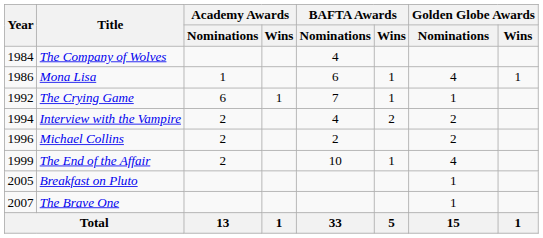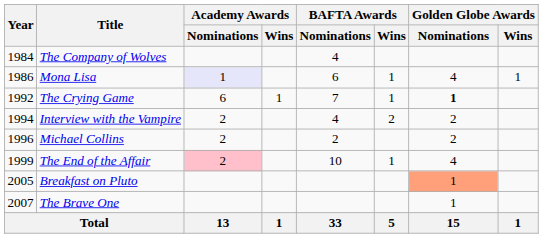 <table class="wikitable">
 <tr>
 <th rowspan="2">Year</th>
 <th rowspan="2">Title</th>
 <th colspan="2" style="text-align:center;">Academy Awards</th>
 <th colspan="2" style="text-align:center;">BAFTA Awards</th>
 <th colspan="2" style="text-align:center;">Golden Globe Awards</th>
 </tr>
 <tr>
 <th>Nominations</th>
 <th>Wins</th>
 <th>Nominations</th>
 <th>Wins</th>
 <th>Nominations</th>
 <th>Wins</th>
 </tr>
 <tr>
 <td>1984</td>
 <td><em><a href='#'>The Company of Wolves</a></em></td>
 <td></td>
 <td></td>
 <td align=center>4</td>
 <td></td>
 <td></td>
 <td></td>
 </tr>
 <tr>
 <td>1986</td>
 <td><em><a href='#'>Mona Lisa</a></em></td>
-<td align=center>1</td>
+<td align=center style="background: lavender;">1</td>
 <td></td>
 <td align=center>6</td>
 <td align=center>1</td>
 <td align=center>4</td>
 <td align=center>1</td>
 </tr>
 <tr>
 <td>1992</td>
 <td><em><a href='#'>The Crying Game</a></em></td>
 <td align=center>6</td>
 <td align=center>1</td>
 <td align=center>7</td>
 <td align=center>1</td>
-<td align=center>1</td>
+<td align=center><strong>1</strong></td>
 <td></td>
 </tr>
 <tr>
 <td>1994</td>
 <td><em><a href='#'>Interview with the Vampire</a></em></td>
 <td align=center>2</td>
 <td></td>
 <td align=center>4</td>
 <td align=center>2</td>
 <td align=center>2</td>
 <td></td>
 </tr>
 <tr>
 <td>1996</td>
 <td><em><a href='#'>Michael Collins</a></em></td>
 <td align=center>2</td>
 <td></td>
 <td align=center>2</td>
 <td></td>
 <td align=center>2</td>
 <td></td>
 </tr>
 <tr>
 <td>1999</td>
 <td><em><a href='#'>The End of the Affair</a></em></td>
-<td align=center>2</td>
+<td align=center style="background: pink;">2</td>
 <td></td>
 <td align=center>10</td>
 <td align=center>1</td>
 <td align=center>4</td>
 <td></td>
 </tr>
 <tr>
 <td>2005</td>
 <td><em><a href='#'>Breakfast on Pluto</a></em></td>
 <td></td>
 <td></td>
 <td></td>
 <td></td>
-<td align=center>1</td>
+<td align=center style="background: lightsalmon;">1</td>
 <td></td>
 </tr>
 <tr>
 <td>2007</td>
 <td><em><a href='#'>The Brave One</a></em></td>
 <td></td>
 <td></td>
 <td></td>
 <td></td>
 <td align=center>1</td>
 <td></td>
 </tr>
 <tr>
 <th colspan="2">Total</th>
 <th align=center>13</th>
 <th align=center>1</th>
 <th align=center>33</th>
 <th align=center>5</th>
 <th align=center>15</th>
 <th align=center>1</th>
 </tr>
 </table>
